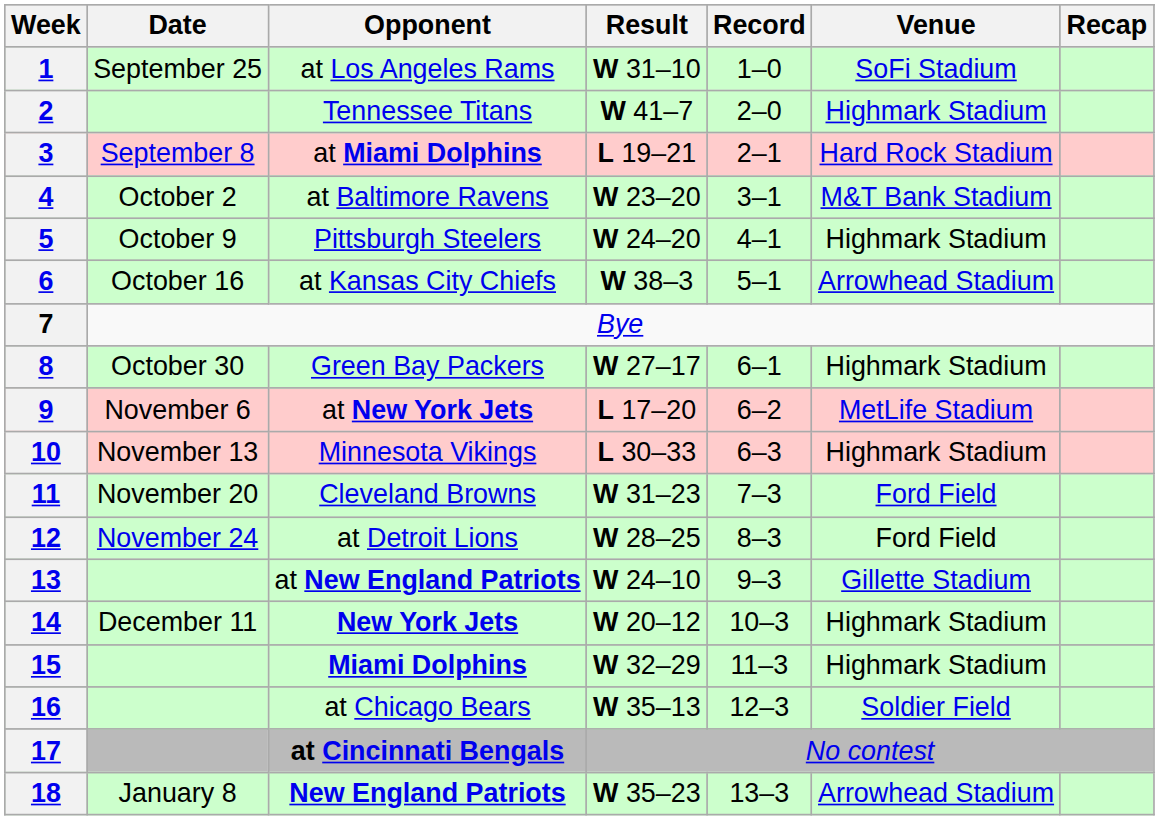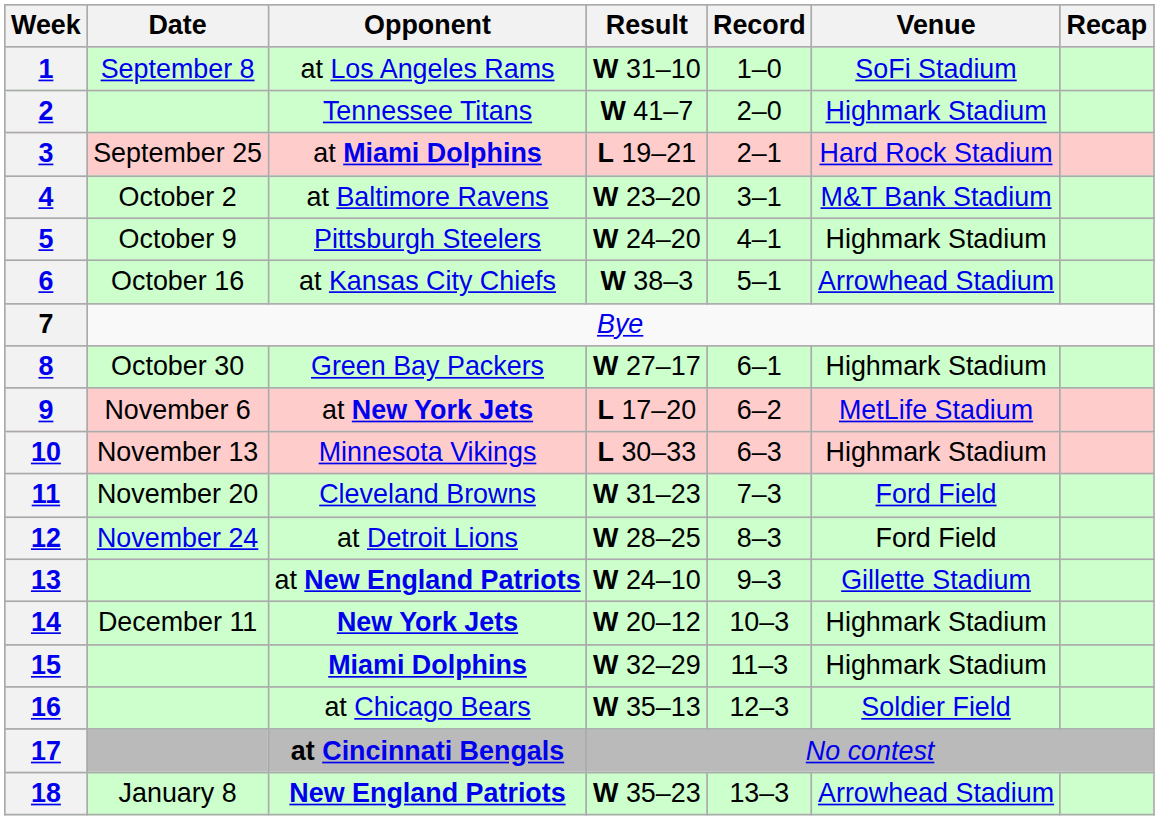 <table class="wikitable" style="text-align:center">
 <tr>
 <th>Week</th>
 <th>Date</th>
 <th>Opponent</th>
 <th>Result</th>
 <th>Record</th>
 <th>Venue</th>
 <th>Recap</th>
 </tr>
 <tr style="background:#cfc">
 <th><a href='#'>1</a></th>
-<td>September 25</td>
+<td><a href='#'>September 8</a></td>
 <td>at <a href='#'>Los Angeles Rams</a></td>
 <td><strong>W</strong> 31–10</td>
 <td>1–0</td>
 <td><a href='#'>SoFi Stadium</a></td>
 <td></td>
 </tr>
 <tr style="background:#cfc">
 <th><a href='#'>2</a></th>
 <td></td>
 <td><a href='#'>Tennessee Titans</a></td>
 <td><strong>W</strong> 41–7</td>
 <td>2–0</td>
 <td><a href='#'>Highmark Stadium</a></td>
 <td></td>
 </tr>
 <tr style="background:#fcc">
 <th><a href='#'>3</a></th>
-<td><a href='#'>September 8</a></td>
+<td>September 25</td>
 <td>at <strong><a href='#'>Miami Dolphins</a></strong></td>
 <td><strong>L</strong> 19–21</td>
 <td>2–1</td>
 <td><a href='#'>Hard Rock Stadium</a></td>
 <td></td>
 </tr>
 <tr style="background:#cfc">
 <th><a href='#'>4</a></th>
 <td>October 2</td>
 <td>at <a href='#'>Baltimore Ravens</a></td>
 <td><strong>W</strong> 23–20</td>
 <td>3–1</td>
 <td><a href='#'>M&T Bank Stadium</a></td>
 <td></td>
 </tr>
 <tr style="background:#cfc">
 <th><a href='#'>5</a></th>
 <td>October 9</td>
 <td><a href='#'>Pittsburgh Steelers</a></td>
 <td><strong>W</strong> 24–20</td>
 <td>4–1</td>
 <td>Highmark Stadium</td>
 <td></td>
 </tr>
 <tr style="background:#cfc">
 <th><a href='#'>6</a></th>
 <td>October 16</td>
 <td>at <a href='#'>Kansas City Chiefs</a></td>
 <td><strong>W</strong> 38–3</td>
 <td>5–1</td>
 <td><a href='#'>Arrowhead Stadium</a></td>
 <td></td>
 </tr>
 <tr>
 <th>7</th>
 <td colspan="6"><em><a href='#'>Bye</a></em></td>
 </tr>
 <tr style="background:#cfc">
 <th><a href='#'>8</a></th>
 <td>October 30</td>
 <td><a href='#'>Green Bay Packers</a></td>
 <td><strong>W</strong> 27–17</td>
 <td>6–1</td>
 <td>Highmark Stadium</td>
 <td></td>
 </tr>
 <tr style="background:#fcc">
 <th><a href='#'>9</a></th>
 <td>November 6</td>
 <td>at <strong><a href='#'>New York Jets</a></strong></td>
 <td><strong>L</strong> 17–20</td>
 <td>6–2</td>
 <td><a href='#'>MetLife Stadium</a></td>
 <td></td>
 </tr>
 <tr style="background:#fcc">
 <th><a href='#'>10</a></th>
 <td>November 13</td>
 <td><a href='#'>Minnesota Vikings</a></td>
 <td><strong>L</strong> 30–33 </td>
 <td>6–3</td>
 <td>Highmark Stadium</td>
 <td></td>
 </tr>
 <tr style="background:#cfc">
 <th><a href='#'>11</a></th>
 <td>November 20</td>
 <td><a href='#'>Cleveland Browns</a></td>
 <td><strong>W</strong> 31–23</td>
 <td>7–3</td>
 <td><a href='#'>Ford Field</a></td>
 <td></td>
 </tr>
 <tr style="background:#cfc">
 <th><a href='#'>12</a></th>
 <td><a href='#'>November 24</a></td>
 <td>at <a href='#'>Detroit Lions</a></td>
 <td><strong>W</strong> 28–25</td>
 <td>8–3</td>
 <td>Ford Field</td>
 <td></td>
 </tr>
 <tr style="background:#cfc">
 <th><a href='#'>13</a></th>
 <td></td>
 <td>at <strong><a href='#'>New England Patriots</a></strong></td>
 <td><strong>W</strong> 24–10</td>
 <td>9–3</td>
 <td><a href='#'>Gillette Stadium</a></td>
 <td></td>
 </tr>
 <tr style="background:#cfc">
 <th><a href='#'>14</a></th>
 <td>December 11</td>
 <td><strong><a href='#'>New York Jets</a></strong></td>
 <td><strong>W</strong> 20–12</td>
 <td>10–3</td>
 <td>Highmark Stadium</td>
 <td></td>
 </tr>
 <tr style="background:#cfc">
 <th><a href='#'>15</a></th>
 <td></td>
 <td><strong><a href='#'>Miami Dolphins</a></strong></td>
 <td><strong>W</strong> 32–29</td>
 <td>11–3</td>
 <td>Highmark Stadium</td>
 <td></td>
 </tr>
 <tr style="background:#cfc">
 <th><a href='#'>16</a></th>
 <td></td>
 <td>at <a href='#'>Chicago Bears</a></td>
 <td><strong>W</strong> 35–13</td>
 <td>12–3</td>
 <td><a href='#'>Soldier Field</a></td>
 <td></td>
 </tr>
 <tr style="background:#bababa">
 <th><a href='#'>17</a></th>
 <td></td>
 <td><strong>at <a href='#'>Cincinnati Bengals</a></strong></td>
 <td colspan="4"><em><a href='#'>No contest</a></em></td>
 </tr>
 <tr style="background:#cfc">
 <th><a href='#'>18</a></th>
 <td>January 8</td>
 <td><strong><a href='#'>New England Patriots</a></strong></td>
 <td><strong>W</strong> 35–23</td>
 <td>13–3</td>
 <td><a href='#'>Arrowhead Stadium</a></td>
 <td></td>
 </tr>
 </table>
